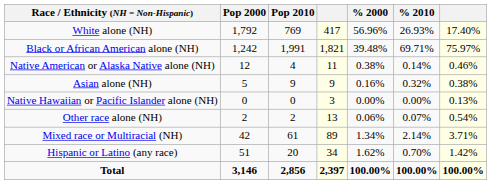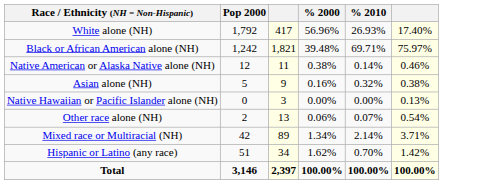 <table class="wikitable" style="text-align:center;">
 <tr>
 <th>Race / Ethnicity <small>(<em>NH = Non-Hispanic</em>)</small></th>
 <th>Pop 2000</th>
-<th>Pop 2010</th>
 <th></th>
 <th>% 2000</th>
 <th>% 2010</th>
 <th></th>
 </tr>
 <tr>
 <td><a href='#'>White</a> alone (NH)</td>
 <td>1,792</td>
-<td>769</td>
 <td style='background: #ffffe6;'>417</td>
 <td>56.96%</td>
 <td>26.93%</td>
 <td style='background: #ffffe6;'>17.40%</td>
 </tr>
 <tr>
 <td><a href='#'>Black or African American</a> alone (NH)</td>
 <td>1,242</td>
-<td>1,991</td>
 <td style='background: #ffffe6;'>1,821</td>
 <td>39.48%</td>
 <td>69.71%</td>
 <td style='background: #ffffe6;'>75.97%</td>
 </tr>
 <tr>
 <td><a href='#'>Native American</a> or <a href='#'>Alaska Native</a> alone (NH)</td>
 <td>12</td>
-<td>4</td>
 <td style='background: #ffffe6;'>11</td>
 <td>0.38%</td>
 <td>0.14%</td>
 <td style='background: #ffffe6;'>0.46%</td>
 </tr>
 <tr>
 <td><a href='#'>Asian</a> alone (NH)</td>
 <td>5</td>
-<td>9</td>
 <td style='background: #ffffe6;'>9</td>
 <td>0.16%</td>
 <td>0.32%</td>
 <td style='background: #ffffe6;'>0.38%</td>
 </tr>
 <tr>
 <td><a href='#'>Native Hawaiian</a> or <a href='#'>Pacific Islander</a> alone (NH)</td>
-<td>0</td>
 <td>0</td>
 <td style='background: #ffffe6;'>3</td>
 <td>0.00%</td>
 <td>0.00%</td>
 <td style='background: #ffffe6;'>0.13%</td>
 </tr>
 <tr>
 <td><a href='#'>Other race</a> alone (NH)</td>
 <td>2</td>
-<td>2</td>
 <td style='background: #ffffe6;'>13</td>
 <td>0.06%</td>
 <td>0.07%</td>
 <td style='background: #ffffe6;'>0.54%</td>
 </tr>
 <tr>
 <td><a href='#'>Mixed race or Multiracial</a> (NH)</td>
 <td>42</td>
-<td>61</td>
 <td style='background: #ffffe6;'>89</td>
 <td>1.34%</td>
 <td>2.14%</td>
 <td style='background: #ffffe6;'>3.71%</td>
 </tr>
 <tr>
 <td><a href='#'>Hispanic or Latino</a> (any race)</td>
 <td>51</td>
-<td>20</td>
 <td style='background: #ffffe6;'>34</td>
 <td>1.62%</td>
 <td>0.70%</td>
 <td style='background: #ffffe6;'>1.42%</td>
 </tr>
 <tr>
 <td><strong>Total</strong></td>
 <td><strong>3,146</strong></td>
-<td><strong>2,856</strong></td>
 <td style='background: #ffffe6;'><strong>2,397</strong></td>
 <td><strong>100.00%</strong></td>
 <td><strong>100.00%</strong></td>
 <td style='background: #ffffe6;'><strong>100.00%</strong></td>
 </tr>
 </table>
